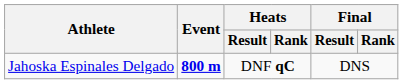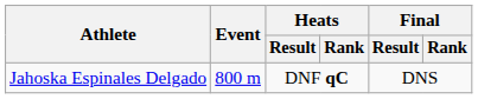 <table class="wikitable" style="font-size:90%">
 <tr>
 <th rowspan=2>Athlete</th>
 <th rowspan=2>Event</th>
 <th colspan=2>Heats</th>
 <th colspan=2>Final</th>
 </tr>
 <tr style="font-size:95%">
 <th>Result</th>
 <th>Rank</th>
 <th>Result</th>
 <th>Rank</th>
 </tr>
 <tr align=center>
 <td align=left><a href='#'>Jahoska Espinales Delgado</a></td>
-<td align=left><strong><a href='#'>800 m</a></strong></td>
+<td align=left><a href='#'>800 m</a></td>
 <td colspan=2>DNF <strong>qC</strong></td>
 <td colspan=2>DNS</td>
 </tr>
 </table>
